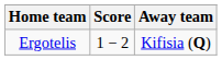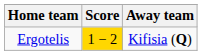 <table class="wikitable" style="text-align: center">
 <tr>
 </tr>
 <tr>
 <th>Home team</th>
 <th>Score</th>
 <th>Away team</th>
 </tr>
 <tr>
 <td><a href='#'>Ergotelis</a></td>
-<td>1 − 2</td>
+<td style="background: gold;">1 − 2</td>
 <td><a href='#'>Kifisia</a> (<strong>Q</strong>)</td>
 </tr>
 </table>
